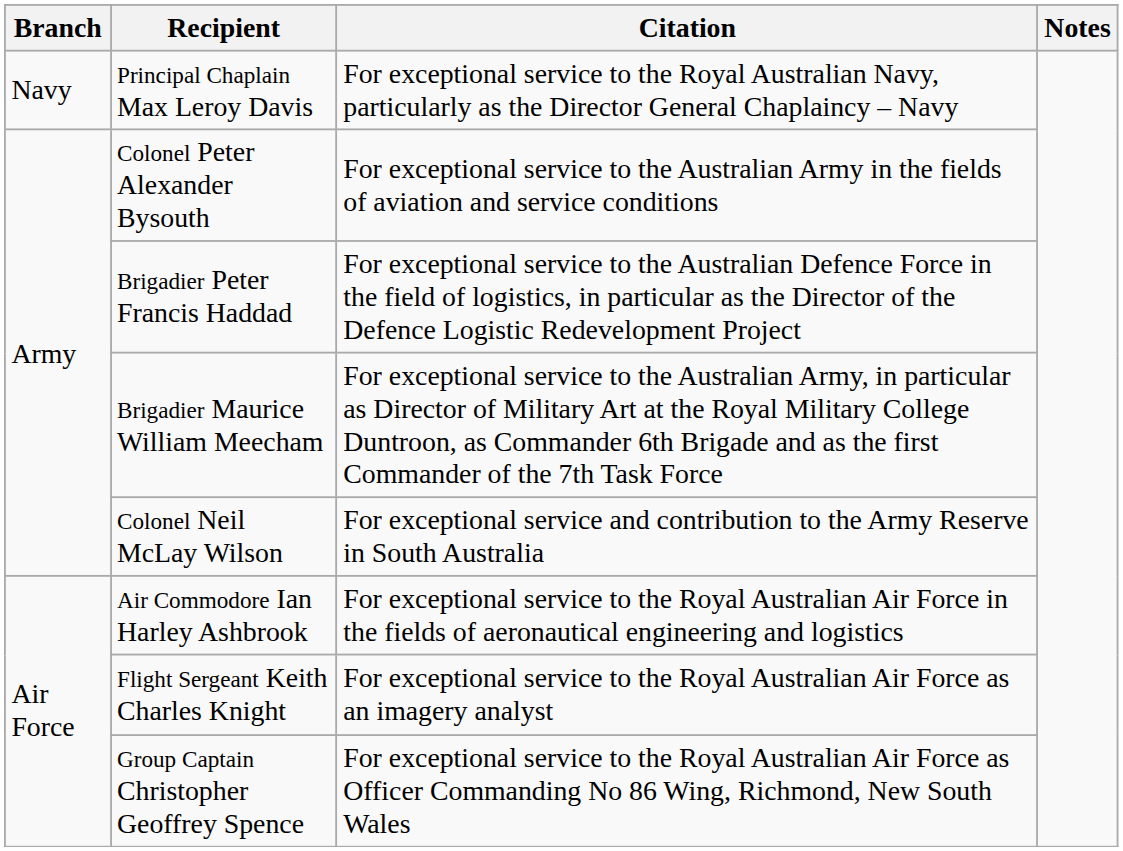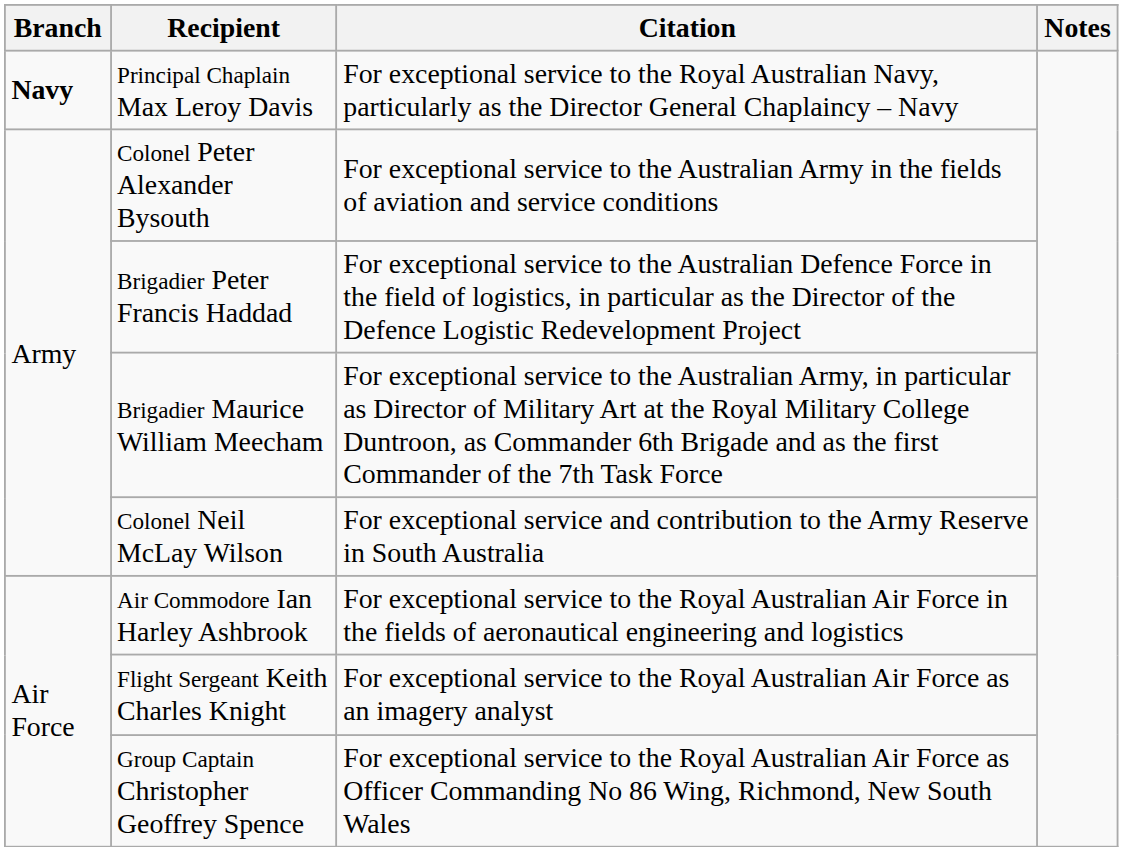 <table class="wikitable" style="font-size:95%;">
 <tr>
 <th>Branch</th>
 <th>Recipient</th>
 <th>Citation</th>
 <th>Notes</th>
 </tr>
 <tr>
-<td rowspan=1>Navy</td>
+<td rowspan=1><strong>Navy</strong></td>
 <td><small>Principal Chaplain</small> Max Leroy Davis</td>
 <td>For exceptional service to the Royal Australian Navy, particularly as the Director General Chaplaincy – Navy</td>
 <td rowspan=8></td>
 </tr>
 <tr>
 <td rowspan=4>Army</td>
 <td><small>Colonel</small> Peter Alexander Bysouth </td>
 <td>For exceptional service to the Australian Army in the fields of aviation and service conditions</td>
 </tr>
 <tr>
 <td><small>Brigadier</small> Peter Francis Haddad</td>
 <td>For exceptional service to the Australian Defence Force in the field of logistics, in particular as the Director of the Defence Logistic Redevelopment Project</td>
 </tr>
 <tr>
 <td><small>Brigadier</small> Maurice William Meecham</td>
 <td>For exceptional service to the Australian Army, in particular as Director of Military Art at the Royal Military College Duntroon, as Commander 6th Brigade and as the first Commander of the 7th Task Force</td>
 </tr>
 <tr>
 <td><small>Colonel</small> Neil McLay Wilson </td>
 <td>For exceptional service and contribution to the Army Reserve in South Australia</td>
 </tr>
 <tr>
 <td rowspan=3>Air Force</td>
 <td><small>Air Commodore</small> Ian Harley Ashbrook</td>
 <td>For exceptional service to the Royal Australian Air Force in the fields of aeronautical engineering and logistics</td>
 </tr>
 <tr>
 <td><small>Flight Sergeant</small> Keith Charles Knight</td>
 <td>For exceptional service to the Royal Australian Air Force as an imagery analyst</td>
 </tr>
 <tr>
 <td><small>Group Captain</small> Christopher Geoffrey Spence</td>
 <td>For exceptional service to the Royal Australian Air Force as Officer Commanding No 86 Wing, Richmond, New South Wales</td>
 </tr>
 </table>
